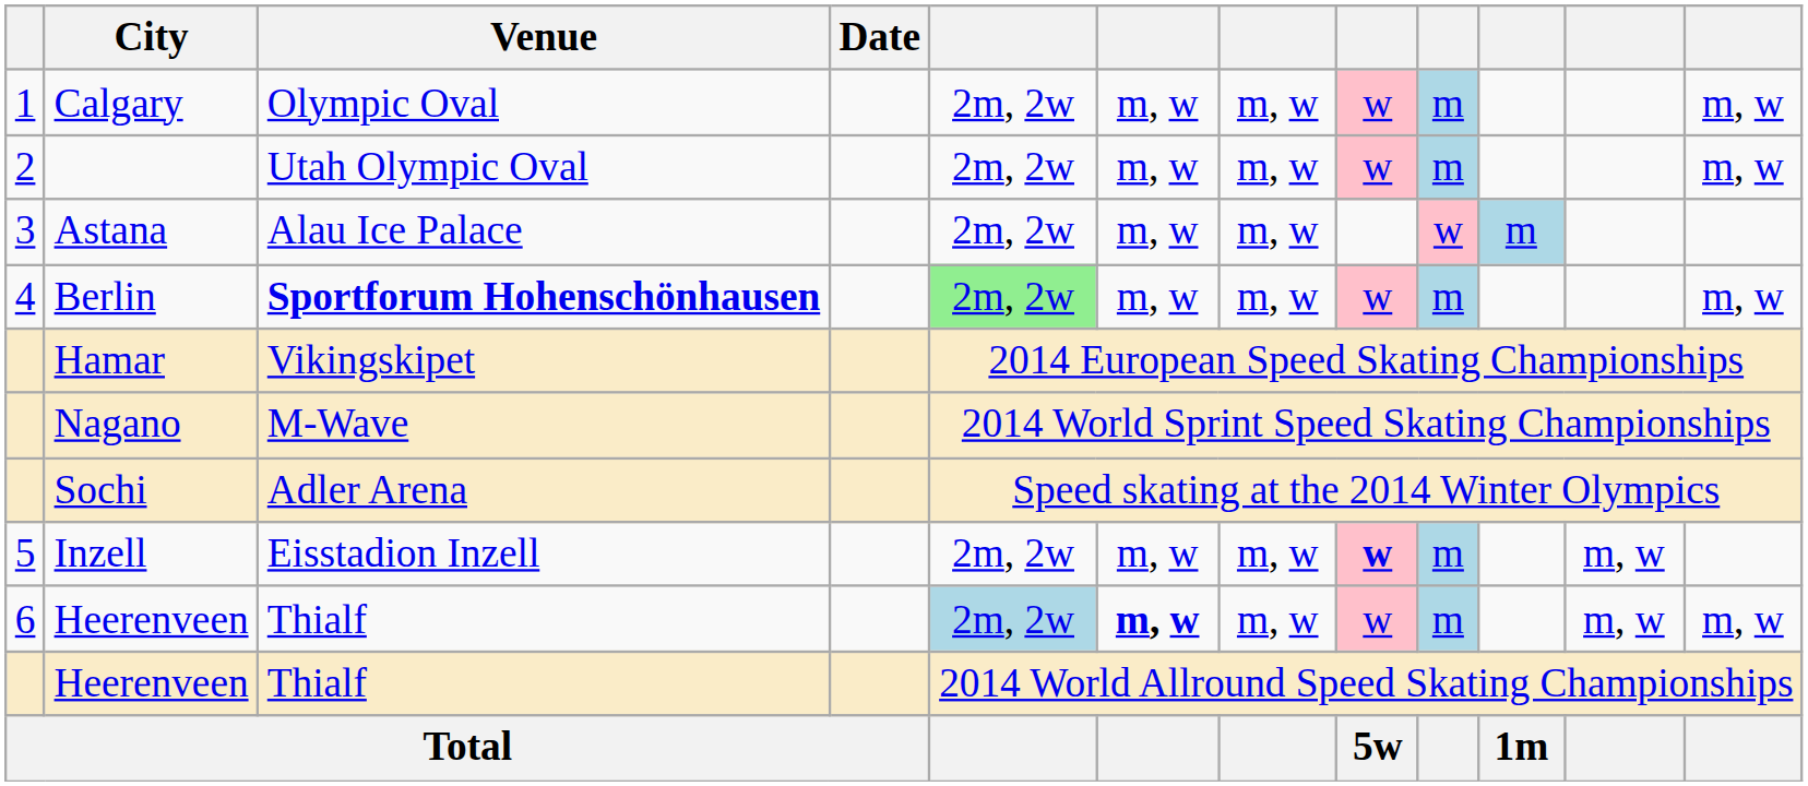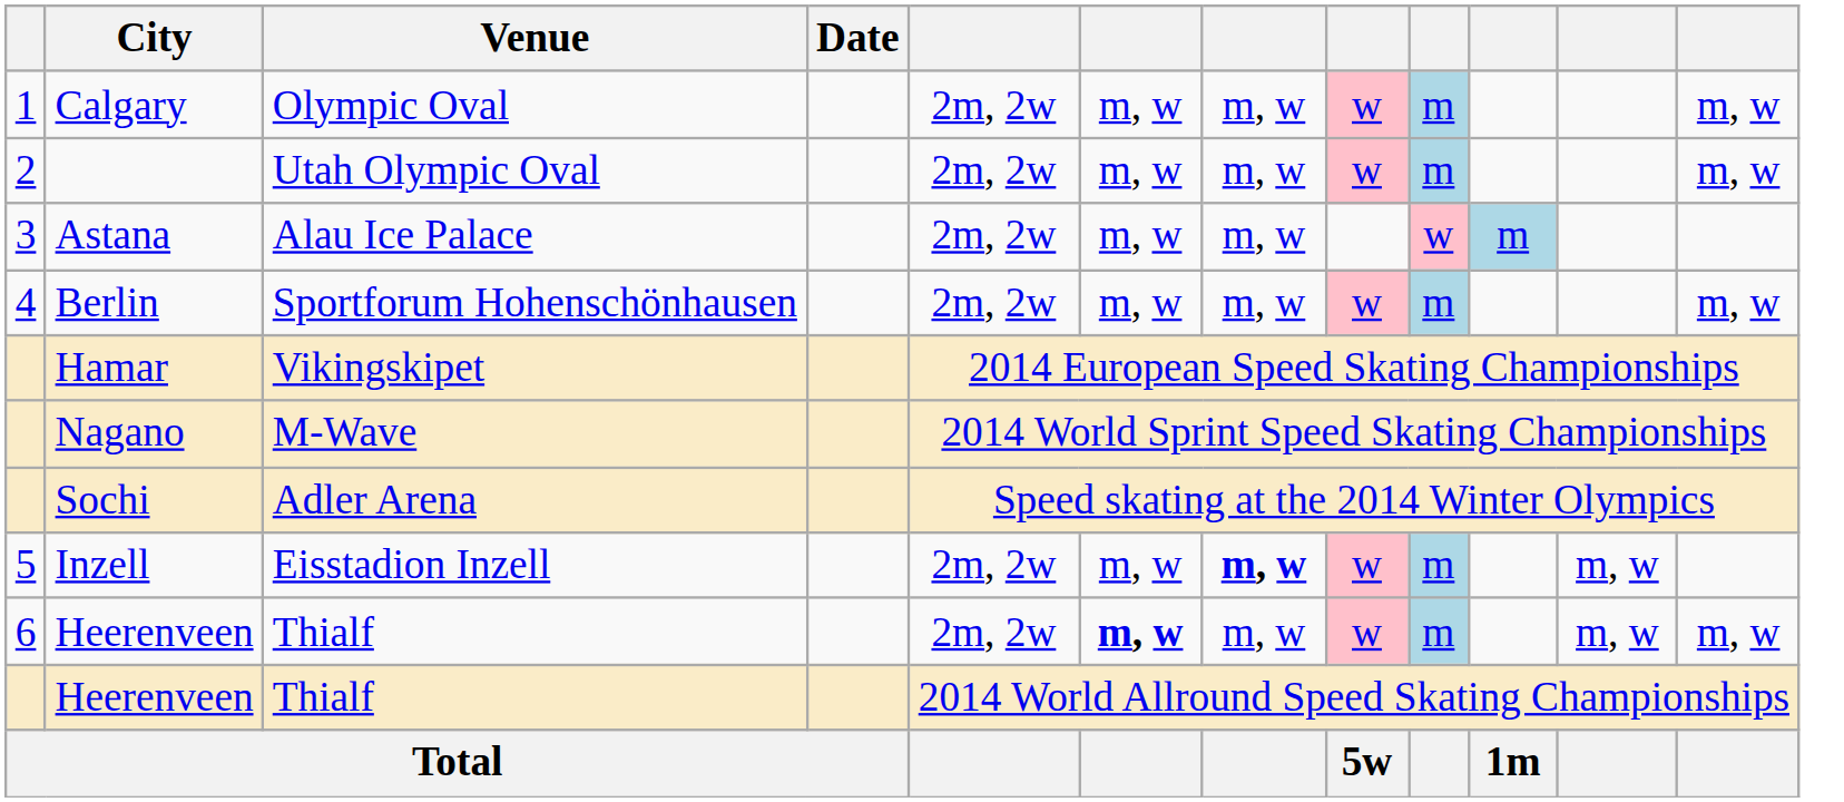 <table class="wikitable" border="1" style="text-align:center">
 <tr>
 <th></th>
 <th>City</th>
 <th>Venue</th>
 <th>Date</th>
 <th></th>
 <th></th>
 <th></th>
 <th></th>
 <th></th>
 <th></th>
 <th></th>
 <th></th>
 </tr>
 <tr>
 <td><a href='#'>1</a></td>
 <td align=left> <a href='#'>Calgary</a></td>
 <td align=left><a href='#'>Olympic Oval</a></td>
 <td align=right></td>
 <td><a href='#'>2m</a>, <a href='#'>2w</a></td>
 <td><a href='#'>m</a>, <a href='#'>w</a></td>
 <td><a href='#'>m</a>, <a href='#'>w</a></td>
 <td bgcolor=pink><a href='#'>w</a></td>
 <td bgcolor=lightblue><a href='#'>m</a></td>
 <td></td>
 <td></td>
 <td><a href='#'>m</a>, <a href='#'>w</a></td>
 </tr>
 <tr>
 <td><a href='#'>2</a></td>
 <td align=left></td>
 <td align=left><a href='#'>Utah Olympic Oval</a></td>
 <td align=right></td>
 <td><a href='#'>2m</a>, <a href='#'>2w</a></td>
 <td><a href='#'>m</a>, <a href='#'>w</a></td>
 <td><a href='#'>m</a>, <a href='#'>w</a></td>
 <td bgcolor=pink><a href='#'>w</a></td>
 <td bgcolor=lightblue><a href='#'>m</a></td>
 <td></td>
 <td></td>
 <td><a href='#'>m</a>, <a href='#'>w</a></td>
 </tr>
 <tr>
 <td><a href='#'>3</a></td>
 <td align=left> <a href='#'>Astana</a></td>
 <td align=left><a href='#'>Alau Ice Palace</a></td>
 <td align=right> </td>
 <td><a href='#'>2m</a>, <a href='#'>2w</a></td>
 <td><a href='#'>m</a>, <a href='#'>w</a></td>
 <td><a href='#'>m</a>, <a href='#'>w</a></td>
 <td></td>
 <td bgcolor=pink><a href='#'>w</a></td>
 <td bgcolor=lightblue><a href='#'>m</a></td>
 <td></td>
 <td></td>
 </tr>
 <tr>
 <td><a href='#'>4</a></td>
 <td align=left> <a href='#'>Berlin</a></td>
-<td align=left><strong><a href='#'>Sportforum Hohenschönhausen</a></strong></td>
+<td align=left><a href='#'>Sportforum Hohenschönhausen</a></td>
 <td align=right></td>
-<td style="background: lightgreen;"><a href='#'>2m</a>, <a href='#'>2w</a></td>
+<td><a href='#'>2m</a>, <a href='#'>2w</a></td>
 <td><a href='#'>m</a>, <a href='#'>w</a></td>
 <td><a href='#'>m</a>, <a href='#'>w</a></td>
 <td bgcolor=pink><a href='#'>w</a></td>
 <td bgcolor=lightblue><a href='#'>m</a></td>
 <td></td>
 <td></td>
 <td><a href='#'>m</a>, <a href='#'>w</a></td>
 </tr>
 <tr bgcolor=#faecc8>
 <td></td>
 <td align=left> <a href='#'>Hamar</a></td>
 <td align=left><a href='#'>Vikingskipet</a></td>
 <td align=right></td>
 <td colspan=8><a href='#'>2014 European Speed Skating Championships</a></td>
 </tr>
 <tr bgcolor=#faecc8>
 <td></td>
 <td align=left> <a href='#'>Nagano</a></td>
 <td align=left><a href='#'>M-Wave</a></td>
 <td align=right></td>
 <td colspan=8><a href='#'>2014 World Sprint Speed Skating Championships</a></td>
 </tr>
 <tr bgcolor=#faecc8>
 <td></td>
 <td align=left> <a href='#'>Sochi</a></td>
 <td align=left><a href='#'>Adler Arena</a></td>
 <td align=right></td>
 <td colspan=8><a href='#'>Speed skating at the 2014 Winter Olympics</a></td>
 </tr>
 <tr>
 <td><a href='#'>5</a></td>
 <td align=left> <a href='#'>Inzell</a></td>
 <td align=left><a href='#'>Eisstadion Inzell</a></td>
 <td align=right></td>
 <td><a href='#'>2m</a>, <a href='#'>2w</a></td>
 <td><a href='#'>m</a>, <a href='#'>w</a></td>
-<td><a href='#'>m</a>, <a href='#'>w</a></td>
-<td bgcolor=pink><strong><a href='#'>w</a></strong></td>
+<td><strong><a href='#'>m</a>, <a href='#'>w</a></strong></td>
+<td bgcolor=pink><a href='#'>w</a></td>
 <td bgcolor=lightblue><a href='#'>m</a></td>
 <td></td>
 <td><a href='#'>m</a>, <a href='#'>w</a></td>
 <td></td>
 </tr>
 <tr>
 <td><a href='#'>6</a></td>
 <td align=left> <a href='#'>Heerenveen</a></td>
 <td align=left><a href='#'>Thialf</a></td>
 <td align=right></td>
-<td style="background: lightblue;"><a href='#'>2m</a>, <a href='#'>2w</a></td>
+<td><a href='#'>2m</a>, <a href='#'>2w</a></td>
 <td><strong><a href='#'>m</a>, <a href='#'>w</a></strong></td>
 <td><a href='#'>m</a>, <a href='#'>w</a></td>
 <td bgcolor=pink><a href='#'>w</a></td>
 <td bgcolor=lightblue><a href='#'>m</a></td>
 <td></td>
 <td><a href='#'>m</a>, <a href='#'>w</a></td>
 <td><a href='#'>m</a>, <a href='#'>w</a></td>
 </tr>
 <tr bgcolor=#faecc8>
 <td></td>
 <td align=left> <a href='#'>Heerenveen</a></td>
 <td align=left><a href='#'>Thialf</a></td>
 <td align=right></td>
 <td colspan=8><a href='#'>2014 World Allround Speed Skating Championships</a></td>
 </tr>
 <tr>
 <th align=left colspan=4>Total</th>
 <th></th>
 <th></th>
 <th></th>
 <th>5w</th>
 <th></th>
 <th>1m</th>
 <th></th>
 <th></th>
 </tr>
 </table>
